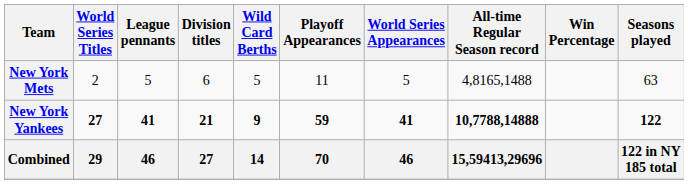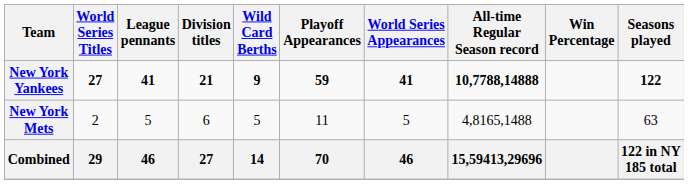 <table class="wikitable" style="text-align:center;font-size:95%">
 <tr>
 <th>Team</th>
 <th><a href='#'>World Series Titles</a></th>
 <th>League pennants</th>
 <th>Division titles</th>
 <th><a href='#'>Wild Card Berths</a></th>
 <th>Playoff Appearances</th>
 <th><a href='#'>World Series Appearances</a></th>
 <th>All-time Regular Season record</th>
 <th>Win Percentage</th>
 <th>Seasons played</th>
 </tr>
 <tr>
+<th><a href='#'>New York Yankees</a></th>
+<td><strong>27</strong></td>
+<td><strong>41</strong></td>
+<td><strong>21</strong></td>
+<td><strong>9</strong></td>
+<td><strong>59</strong></td>
+<td><strong>41</strong></td>
+<td><strong>10,7788,14888</strong></td>
+<td><strong></strong></td>
+<td><strong>122</strong></td>
+</tr>
+<tr>
 <th><a href='#'>New York Mets</a></th>
 <td>2</td>
 <td>5</td>
 <td>6</td>
 <td>5</td>
 <td>11</td>
 <td>5</td>
 <td>4,8165,1488</td>
 <td></td>
 <td>63</td>
-</tr>
-<tr>
-<th><a href='#'>New York Yankees</a></th>
-<td><strong>27</strong></td>
-<td><strong>41</strong></td>
-<td><strong>21</strong></td>
-<td><strong>9</strong></td>
-<td><strong>59</strong></td>
-<td><strong>41</strong></td>
-<td><strong>10,7788,14888</strong></td>
-<td><strong></strong></td>
-<td><strong>122</strong></td>
 </tr>
 <tr>
 <th>Combined</th>
 <th>29</th>
 <th>46</th>
 <th>27</th>
 <th>14</th>
 <th>70</th>
 <th>46</th>
 <th>15,59413,29696</th>
 <th></th>
 <th>122 in NY<br>185 total</th>
 </tr>
 <tr>
 </tr>
 </table>
